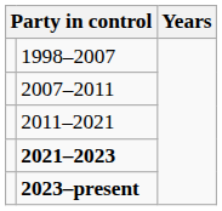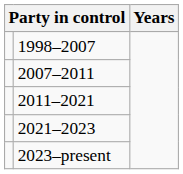 <table class="wikitable">
 <tr>
 <th colspan="2">Party in control</th>
 <th>Years</th>
 </tr>
 <tr>
 <td></td>
 <td>1998–2007</td>
 </tr>
 <tr>
 <td></td>
 <td>2007–2011</td>
 </tr>
 <tr>
 <td></td>
 <td>2011–2021</td>
 </tr>
 <tr>
 <td></td>
-<td><strong>2021–2023</strong></td>
+<td>2021–2023</td>
 </tr>
 <tr>
 <td></td>
-<td><strong>2023–present</strong></td>
+<td>2023–present</td>
 </tr>
 </table>
